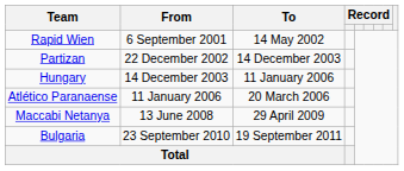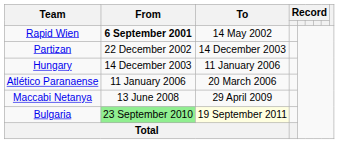 <table class="wikitable" style="text-align:center">
 <tr>
 <th rowspan="2">Team</th>
 <th rowspan="2">From</th>
 <th rowspan="2">To</th>
 <th colspan="5">Record</th>
 <th rowspan="2"></th>
 </tr>
 <tr>
 <th></th>
 <th></th>
 <th></th>
 <th></th>
 <th></th>
 </tr>
 <tr>
 <td><a href='#'>Rapid Wien</a></td>
-<td>6 September 2001</td>
+<td><strong>6 September 2001</strong></td>
 <td>14 May 2002<br></td>
 <td></td>
 </tr>
 <tr>
 <td><a href='#'>Partizan</a></td>
 <td>22 December 2002</td>
 <td>14 December 2003<br></td>
 <td></td>
 </tr>
 <tr>
 <td><a href='#'>Hungary</a></td>
 <td>14 December 2003</td>
 <td>11 January 2006<br></td>
 <td></td>
 </tr>
 <tr>
 <td><a href='#'>Atlético Paranaense</a></td>
 <td>11 January 2006</td>
 <td>20 March 2006<br></td>
 <td></td>
 </tr>
 <tr>
 <td><a href='#'>Maccabi Netanya</a></td>
 <td>13 June 2008</td>
 <td>29 April 2009<br></td>
 <td></td>
 </tr>
 <tr>
 <td><a href='#'>Bulgaria</a></td>
-<td>23 September 2010</td>
-<td>19 September 2011<br></td>
+<td style="background: lightgreen;">23 September 2010</td>
+<td style="background: lightyellow;">19 September 2011<br></td>
 <td></td>
 </tr>
 <tr>
 <th colspan="3">Total<br></th>
 <th></th>
 </tr>
 </table>
